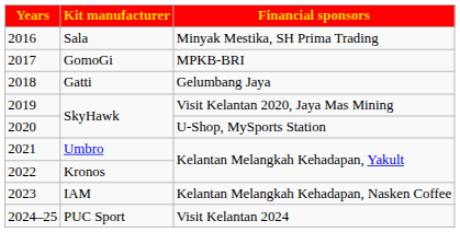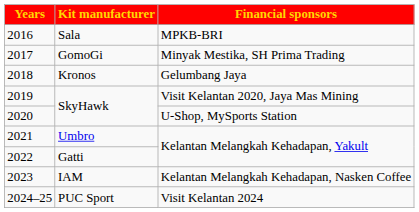 <table class="wikitable" border="6">
 <tr>
 <th style="background:red; color:Gold; text-align:center;">Years</th>
 <th style="background:red; color:Gold; text-align:center;">Kit manufacturer</th>
 <th style="background:red; color:Gold; text-align:center;">Financial sponsors</th>
 </tr>
 <tr>
 <td>2016</td>
 <td>Sala</td>
-<td>Minyak Mestika, SH Prima Trading</td>
+<td>MPKB-BRI</td>
 </tr>
 <tr>
 <td>2017</td>
 <td>GomoGi</td>
-<td>MPKB-BRI</td>
+<td>Minyak Mestika, SH Prima Trading</td>
 </tr>
 <tr>
 <td>2018</td>
-<td>Gatti</td>
+<td>Kronos</td>
 <td>Gelumbang Jaya</td>
 </tr>
 <tr>
 <td>2019</td>
 <td rowspan=2>SkyHawk</td>
 <td>Visit Kelantan 2020, Jaya Mas Mining</td>
 </tr>
 <tr>
 <td>2020</td>
 <td>U-Shop, MySports Station</td>
 </tr>
 <tr>
 <td>2021</td>
 <td><a href='#'>Umbro</a></td>
 <td rowspan="2">Kelantan Melangkah Kehadapan, <a href='#'>Yakult</a></td>
 </tr>
 <tr>
 <td>2022</td>
-<td>Kronos</td>
+<td>Gatti</td>
 </tr>
 <tr>
 <td>2023</td>
 <td>IAM</td>
 <td>Kelantan Melangkah Kehadapan, Nasken Coffee</td>
 </tr>
 <tr>
 <td>2024–25</td>
 <td>PUC Sport</td>
 <td>Visit Kelantan 2024</td>
 </tr>
 </table>
